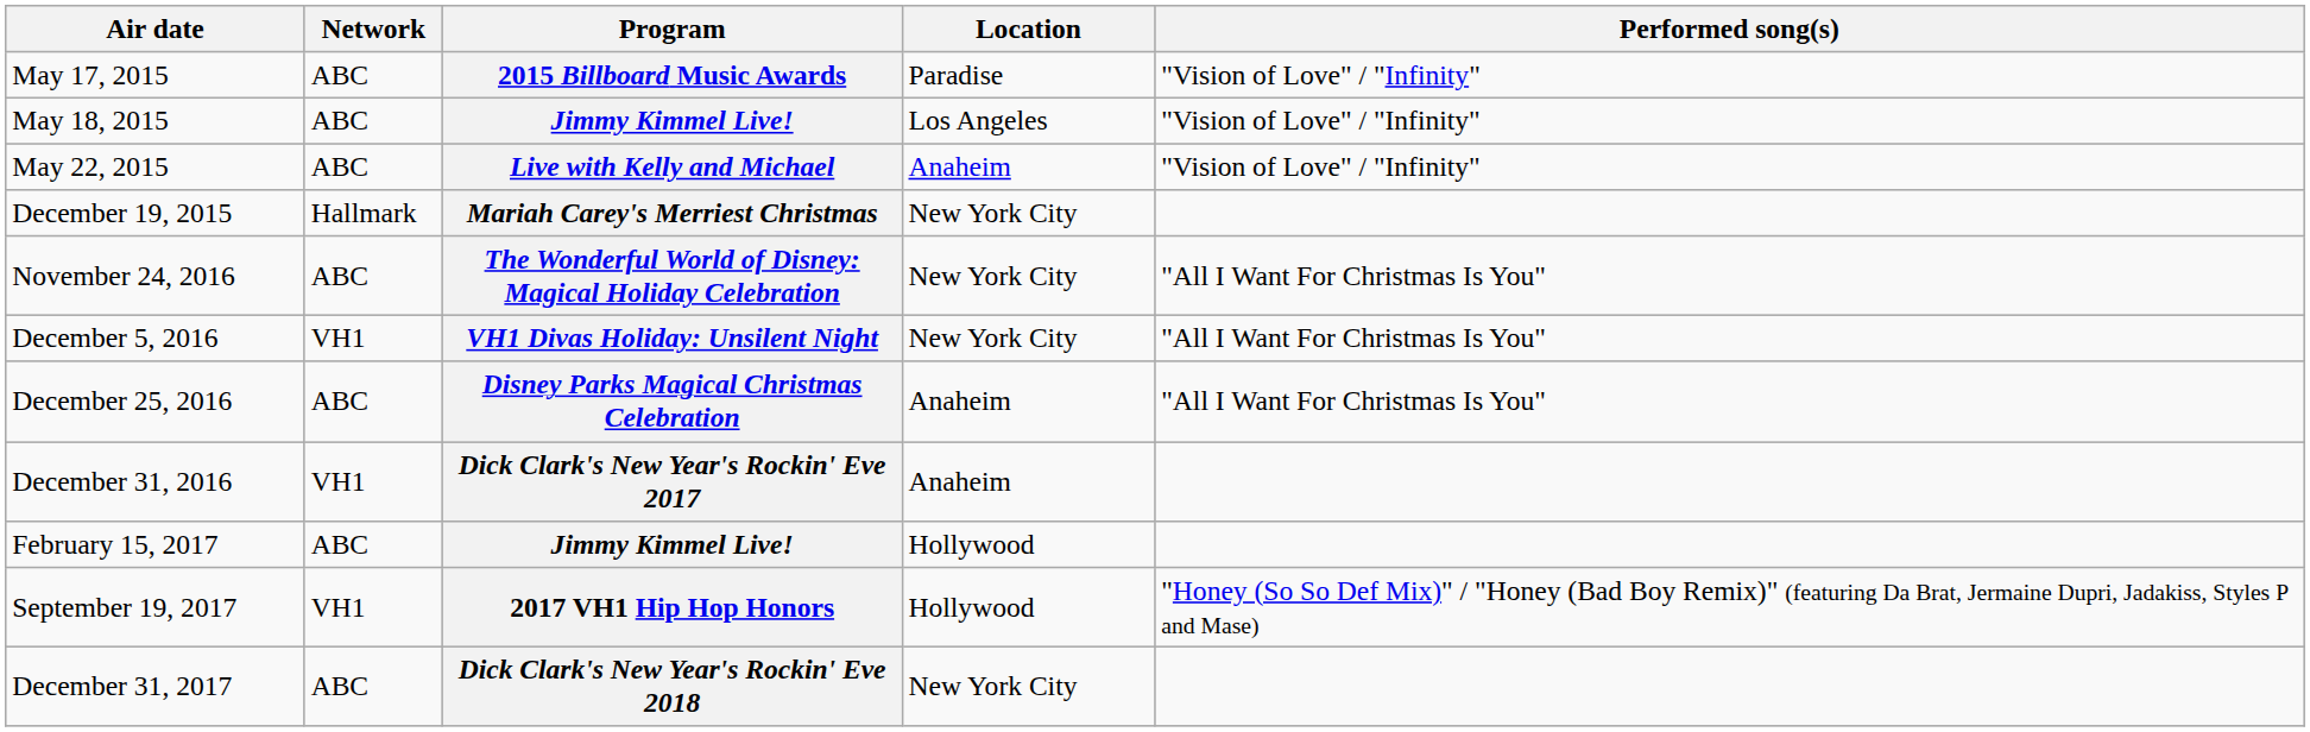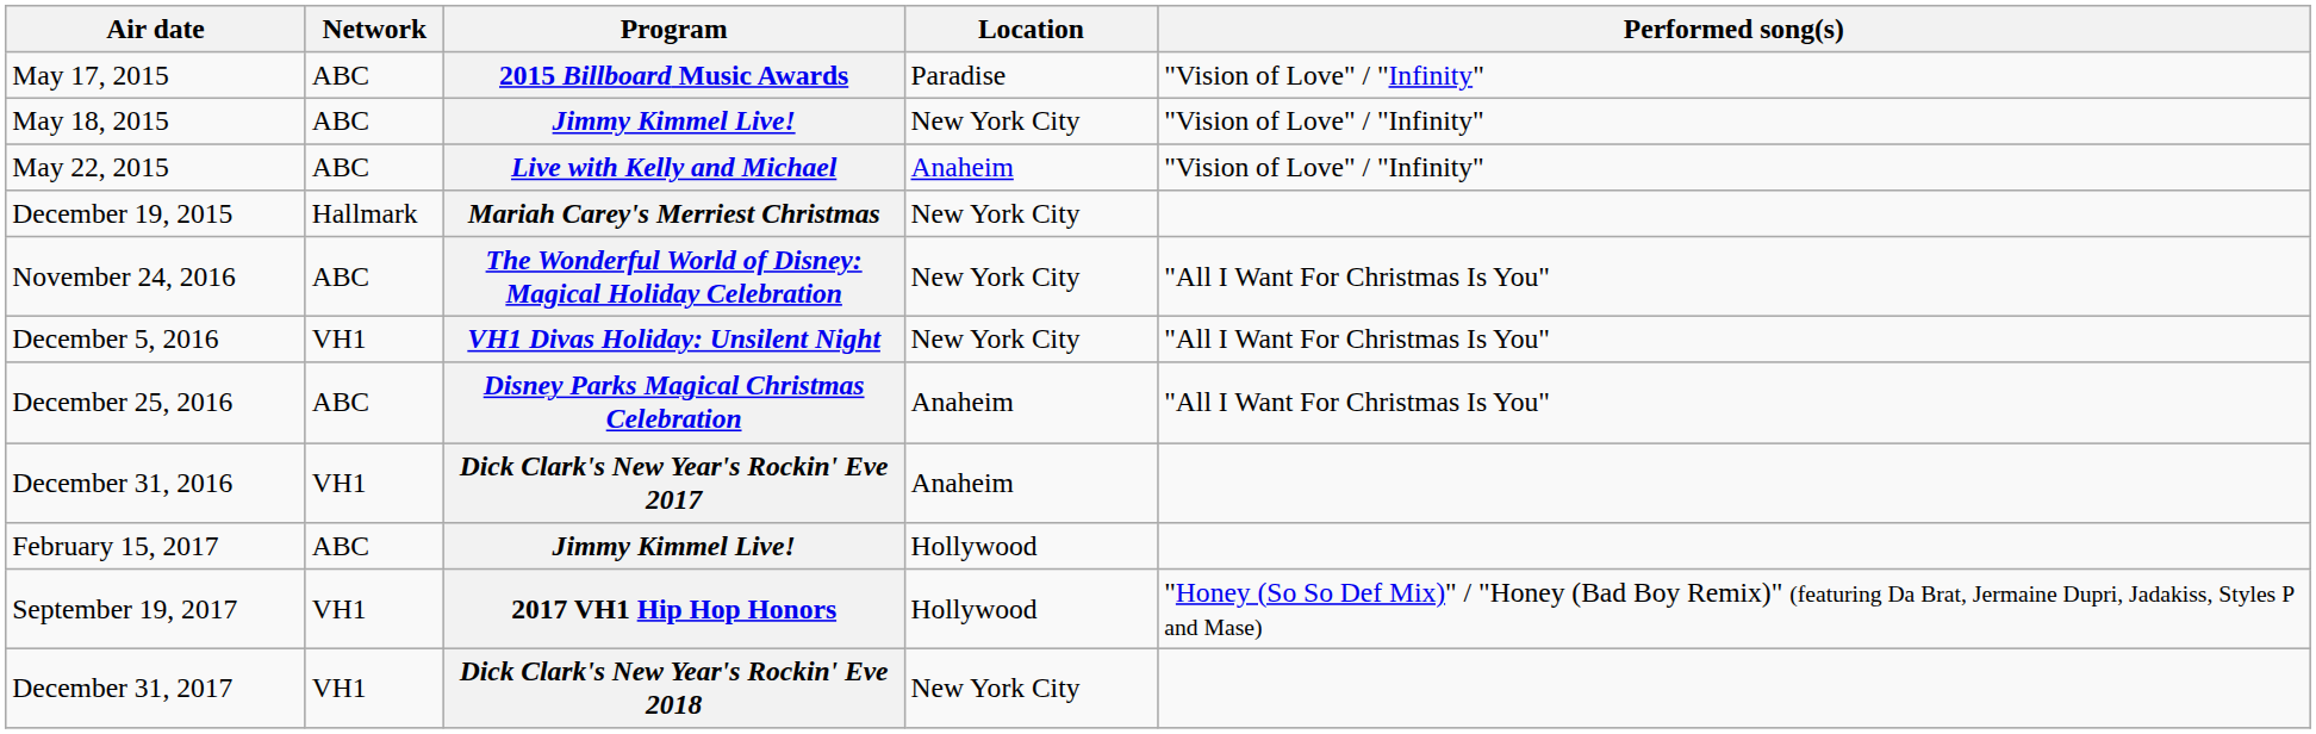 <table class="wikitable sortable plainrowheaders" style="font-size:95%;">
 <tr>
 <th style="width:13%;">Air date</th>
 <th style="width:6%;">Network</th>
 <th style="width:20%;">Program</th>
 <th style="width:11%;">Location</th>
 <th style="width:51%;">Performed song(s)</th>
 </tr>
 <tr>
 <td>May 17, 2015</td>
 <td>ABC</td>
 <th scope="row"><a href='#'>2015 <em>Billboard</em> Music Awards</a></th>
 <td>Paradise</td>
 <td>"Vision of Love" / "<a href='#'>Infinity</a>"</td>
 </tr>
 <tr>
 <td>May 18, 2015</td>
 <td>ABC</td>
 <th scope="row"><em><a href='#'>Jimmy Kimmel Live!</a></em></th>
-<td>Los Angeles</td>
+<td>New York City</td>
 <td>"Vision of Love" / "Infinity"</td>
 </tr>
 <tr>
 <td>May 22, 2015</td>
 <td>ABC</td>
 <th scope="row"><em><a href='#'>Live with Kelly and Michael</a></em></th>
 <td><a href='#'>Anaheim</a></td>
 <td>"Vision of Love" / "Infinity"</td>
 </tr>
 <tr>
 <td>December 19, 2015</td>
 <td>Hallmark</td>
 <th scope="row"><em>Mariah Carey's Merriest Christmas</em></th>
 <td>New York City</td>
 <td></td>
 </tr>
 <tr>
 <td>November 24, 2016</td>
 <td>ABC</td>
 <th scope="row"><em><a href='#'>The Wonderful World of Disney: Magical Holiday Celebration</a></em></th>
 <td>New York City</td>
 <td>"All I Want For Christmas Is You"</td>
 </tr>
 <tr>
 <td>December 5, 2016</td>
 <td>VH1</td>
 <th scope="row"><em><a href='#'>VH1 Divas Holiday: Unsilent Night</a></em></th>
 <td>New York City</td>
 <td>"All I Want For Christmas Is You"</td>
 </tr>
 <tr>
 <td>December 25, 2016</td>
 <td>ABC</td>
 <th scope="row"><em><a href='#'>Disney Parks Magical Christmas Celebration</a></em></th>
 <td>Anaheim</td>
 <td>"All I Want For Christmas Is You"</td>
 </tr>
 <tr>
 <td>December 31, 2016</td>
 <td>VH1</td>
 <th scope="row"><em>Dick Clark's New Year's Rockin' Eve 2017</em></th>
 <td>Anaheim</td>
 <td></td>
 </tr>
 <tr>
 <td>February 15, 2017</td>
 <td>ABC</td>
 <th scope="row"><em>Jimmy Kimmel Live!</em></th>
 <td>Hollywood</td>
 <td></td>
 </tr>
 <tr>
 <td>September 19, 2017</td>
 <td>VH1</td>
 <th scope="row">2017 VH1 <a href='#'>Hip Hop Honors</a></th>
 <td>Hollywood</td>
 <td>"<a href='#'>Honey (So So Def Mix)</a>" / "Honey (Bad Boy Remix)" <small>(featuring Da Brat, Jermaine Dupri, Jadakiss, Styles P and Mase)</small></td>
 </tr>
 <tr>
 <td>December 31, 2017</td>
-<td>ABC</td>
+<td>VH1</td>
 <th scope="row"><em>Dick Clark's New Year's Rockin' Eve 2018</em></th>
 <td>New York City</td>
 <td></td>
 </tr>
 </table>
